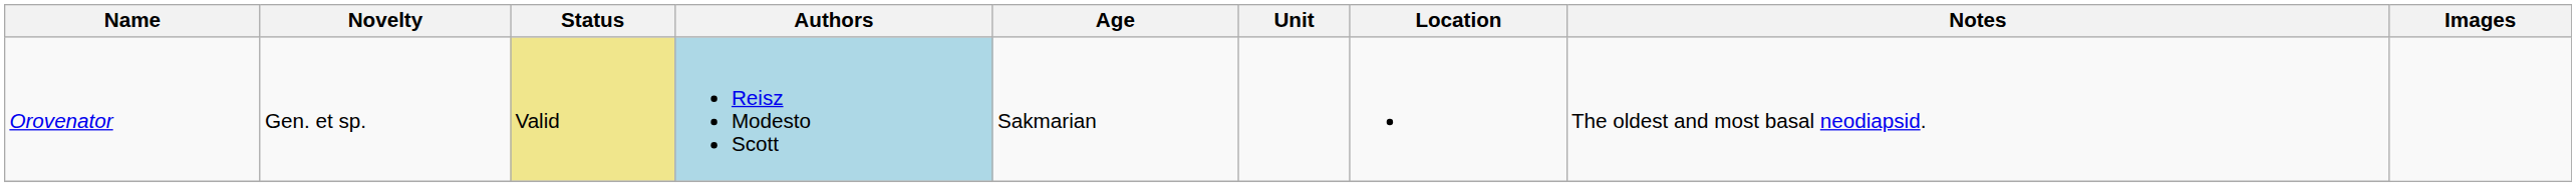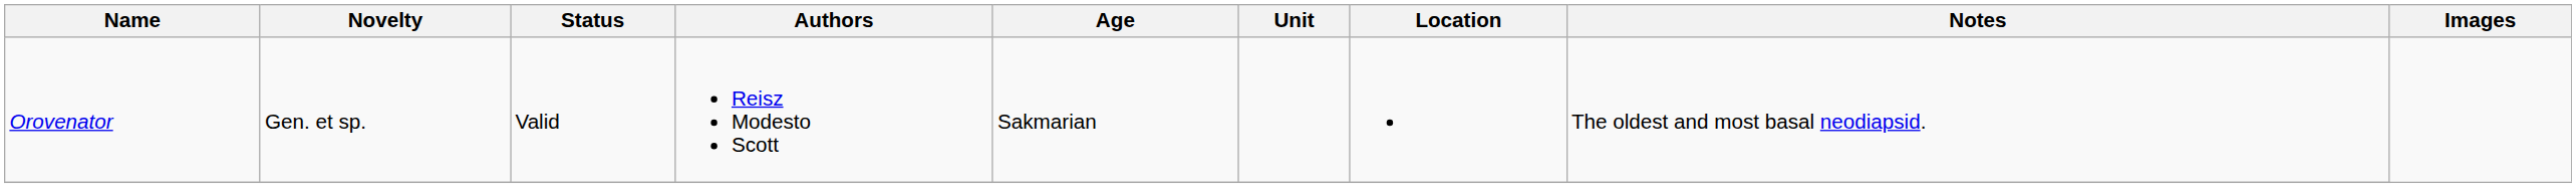 <table class="wikitable sortable" align="center" width="100%">
 <tr>
 <th>Name</th>
 <th>Novelty</th>
 <th>Status</th>
 <th>Authors</th>
 <th>Age</th>
 <th>Unit</th>
 <th>Location</th>
 <th>Notes</th>
 <th>Images</th>
 </tr>
 <tr>
 <td><br><em><a href='#'>Orovenator</a></em></td>
 <td><br>Gen. et sp.</td>
-<td style="background: khaki;"><br>Valid</td>
-<td style="background: lightblue;"><br><ul><li><a href='#'>Reisz</a></li><li>Modesto</li><li>Scott</li></ul></td>
+<td><br>Valid</td>
+<td><br><ul><li><a href='#'>Reisz</a></li><li>Modesto</li><li>Scott</li></ul></td>
 <td><br>Sakmarian</td>
 <td></td>
 <td><br><ul><li></li></ul></td>
 <td><br>The oldest and most basal <a href='#'>neodiapsid</a>.</td>
 <td rowspan="99"></td>
 </tr>
 <tr>
 </tr>
 </table>
